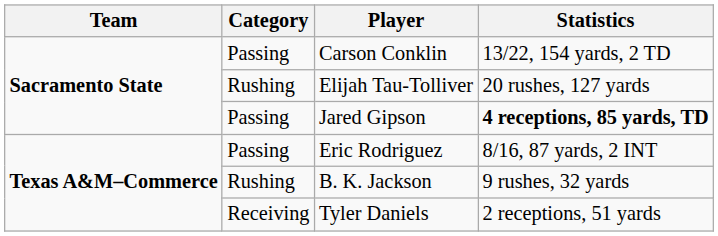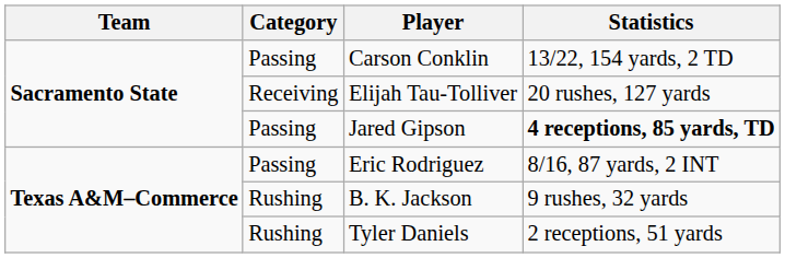 <table class="wikitable" style="float: right;">
 <tr>
 <th>Team</th>
 <th>Category</th>
 <th>Player</th>
 <th>Statistics</th>
 </tr>
 <tr>
 <td rowspan=3><strong>Sacramento State</strong></td>
 <td>Passing</td>
 <td>Carson Conklin</td>
 <td>13/22, 154 yards, 2 TD</td>
 </tr>
 <tr>
-<td>Rushing</td>
+<td>Receiving</td>
 <td>Elijah Tau-Tolliver</td>
 <td>20 rushes, 127 yards</td>
 </tr>
 <tr>
 <td>Passing</td>
 <td>Jared Gipson</td>
 <td><strong>4 receptions, 85 yards, TD</strong></td>
 </tr>
 <tr>
 <td rowspan=3><strong>Texas A&M–Commerce</strong></td>
 <td>Passing</td>
 <td>Eric Rodriguez</td>
 <td>8/16, 87 yards, 2 INT</td>
 </tr>
 <tr>
 <td>Rushing</td>
 <td>B. K. Jackson</td>
 <td>9 rushes, 32 yards</td>
 </tr>
 <tr>
-<td>Receiving</td>
+<td>Rushing</td>
 <td>Tyler Daniels</td>
 <td>2 receptions, 51 yards</td>
 </tr>
 </table>
